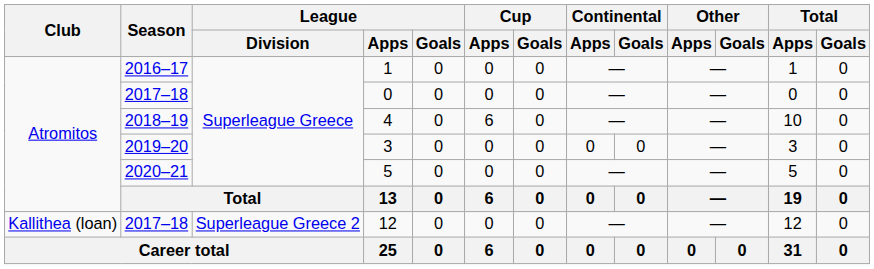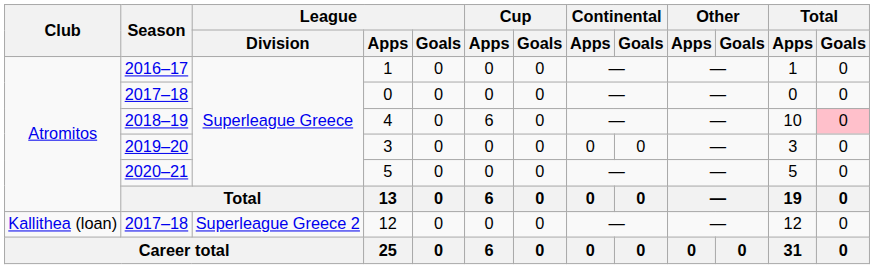 <table class="wikitable" style="text-align:center">
 <tr>
 <th rowspan=2>Club</th>
 <th rowspan=2>Season</th>
 <th colspan=3>League</th>
 <th colspan=2>Cup</th>
 <th colspan=2>Continental</th>
 <th colspan=2>Other</th>
 <th colspan=2>Total</th>
 </tr>
 <tr>
 <th>Division</th>
 <th>Apps</th>
 <th>Goals</th>
 <th>Apps</th>
 <th>Goals</th>
 <th>Apps</th>
 <th>Goals</th>
 <th>Apps</th>
 <th>Goals</th>
 <th>Apps</th>
 <th>Goals</th>
 </tr>
 <tr>
 <td rowspan="6"><a href='#'>Atromitos</a></td>
 <td><a href='#'>2016–17</a></td>
 <td rowspan="5"><a href='#'>Superleague Greece</a></td>
 <td>1</td>
 <td>0</td>
 <td>0</td>
 <td>0</td>
 <td colspan="2">—</td>
 <td colspan="2">—</td>
 <td>1</td>
 <td>0</td>
 </tr>
 <tr>
 <td><a href='#'>2017–18</a></td>
 <td>0</td>
 <td>0</td>
 <td>0</td>
 <td>0</td>
 <td colspan="2">—</td>
 <td colspan="2">—</td>
 <td>0</td>
 <td>0</td>
 </tr>
 <tr>
 <td><a href='#'>2018–19</a></td>
 <td>4</td>
 <td>0</td>
 <td>6</td>
 <td>0</td>
 <td colspan="2">—</td>
 <td colspan="2">—</td>
 <td>10</td>
-<td>0</td>
+<td style="background: pink;">0</td>
 </tr>
 <tr>
 <td><a href='#'>2019–20</a></td>
 <td>3</td>
 <td>0</td>
 <td>0</td>
 <td>0</td>
 <td>0</td>
 <td>0</td>
 <td colspan="2">—</td>
 <td>3</td>
 <td>0</td>
 </tr>
 <tr>
 <td><a href='#'>2020–21</a></td>
 <td>5</td>
 <td>0</td>
 <td>0</td>
 <td>0</td>
 <td colspan="2">—</td>
 <td colspan="2">—</td>
 <td>5</td>
 <td>0</td>
 </tr>
 <tr>
 <th colspan="2">Total</th>
 <th>13</th>
 <th>0</th>
 <th>6</th>
 <th>0</th>
 <th>0</th>
 <th>0</th>
 <th colspan="2">—</th>
 <th>19</th>
 <th>0</th>
 </tr>
 <tr>
 <td><a href='#'>Kallithea</a> (loan)</td>
 <td><a href='#'>2017–18</a></td>
 <td><a href='#'>Superleague Greece 2</a></td>
 <td>12</td>
 <td>0</td>
 <td>0</td>
 <td>0</td>
 <td colspan="2">—</td>
 <td colspan="2">—</td>
 <td>12</td>
 <td>0</td>
 </tr>
 <tr>
 <th colspan="3">Career total</th>
 <th>25</th>
 <th>0</th>
 <th>6</th>
 <th>0</th>
 <th>0</th>
 <th>0</th>
 <th>0</th>
 <th>0</th>
 <th>31</th>
 <th>0</th>
 </tr>
 </table>
